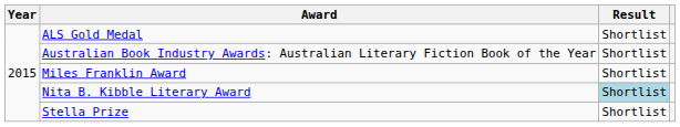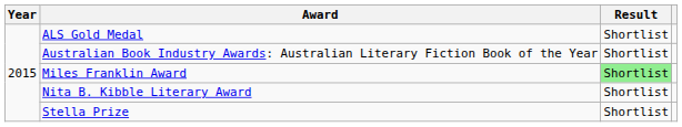 <table class="wikitable">
 <tr>
 <th>Year</th>
 <th>Award</th>
 <th>Result</th>
 <th></th>
 </tr>
 <tr>
 <td rowspan="5">2015</td>
 <td><a href='#'>ALS Gold Medal</a></td>
 <td>Shortlist</td>
 <td></td>
 </tr>
 <tr>
 <td><a href='#'>Australian Book Industry Awards</a>: Australian Literary Fiction Book of the Year</td>
 <td>Shortlist</td>
 <td></td>
 </tr>
 <tr>
 <td><a href='#'>Miles Franklin Award</a></td>
-<td>Shortlist</td>
+<td style="background: lightgreen;">Shortlist</td>
 <td></td>
 </tr>
 <tr>
 <td><a href='#'>Nita B. Kibble Literary Award</a></td>
-<td style="background: lightblue;">Shortlist</td>
+<td>Shortlist</td>
 <td></td>
 </tr>
 <tr>
 <td><a href='#'>Stella Prize</a></td>
 <td>Shortlist</td>
 <td></td>
 </tr>
 </table>
